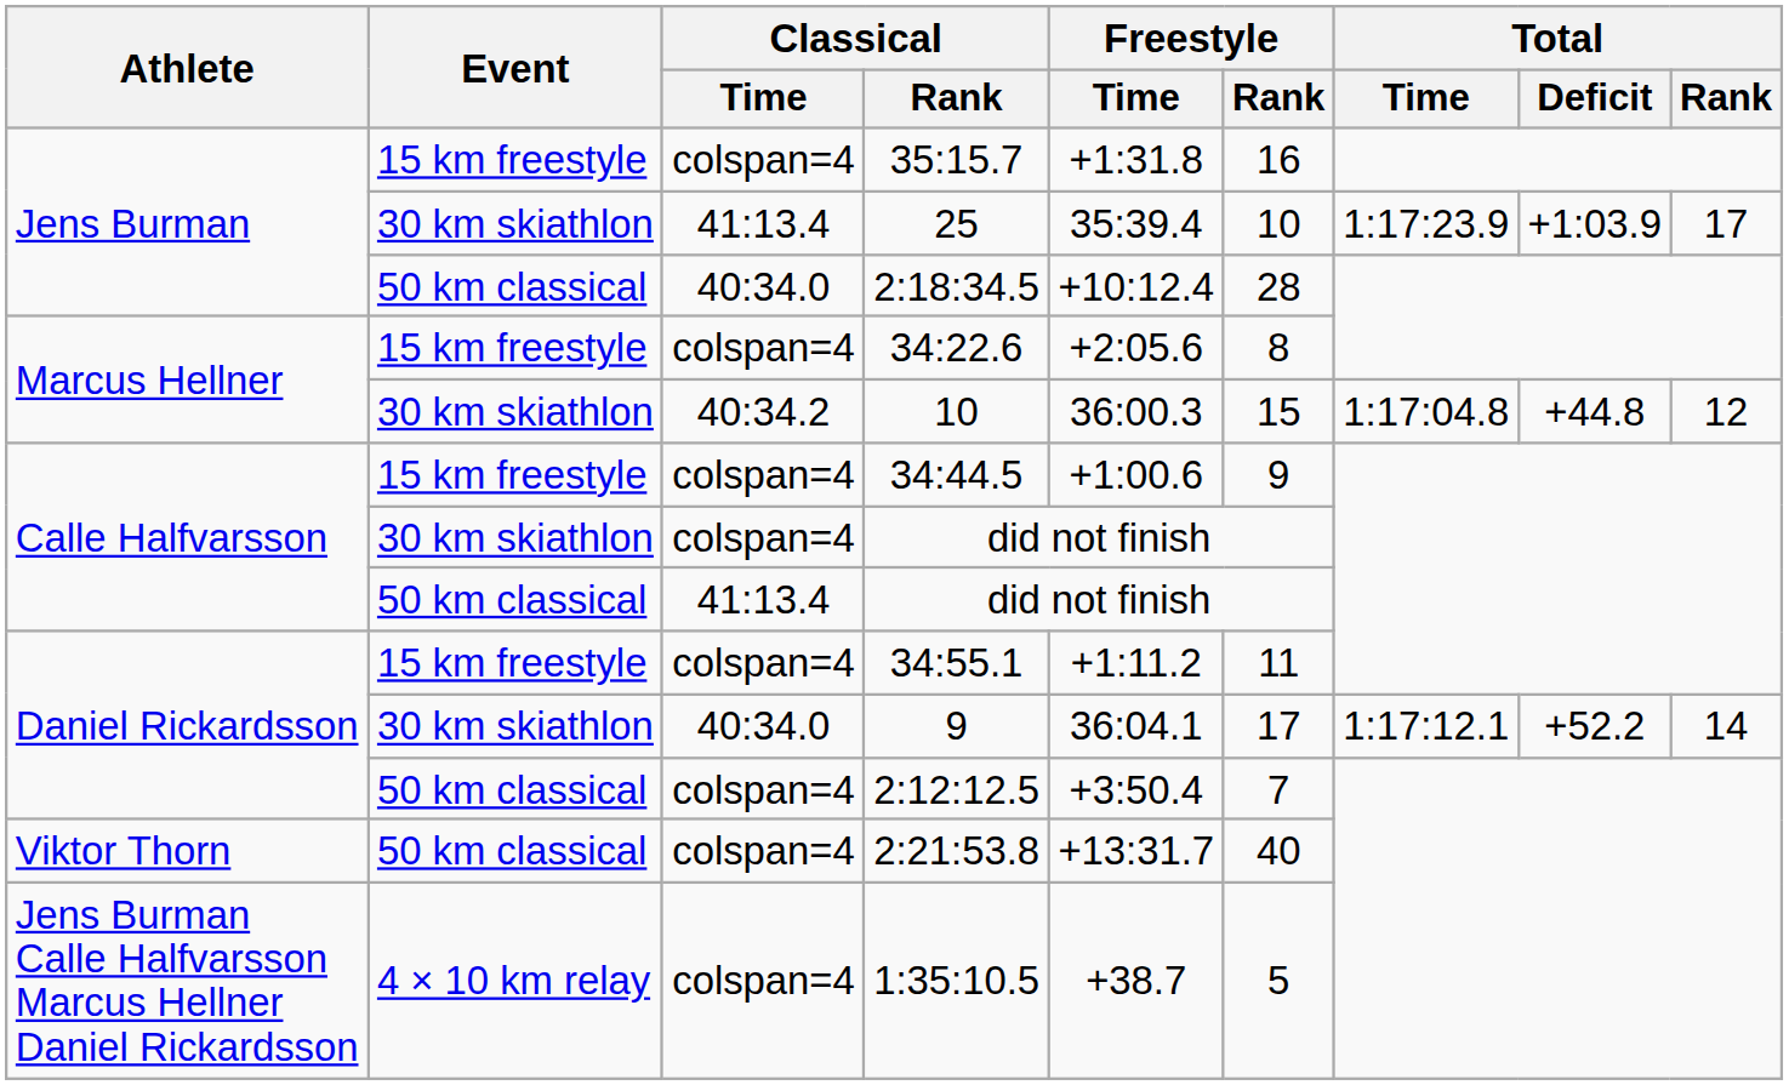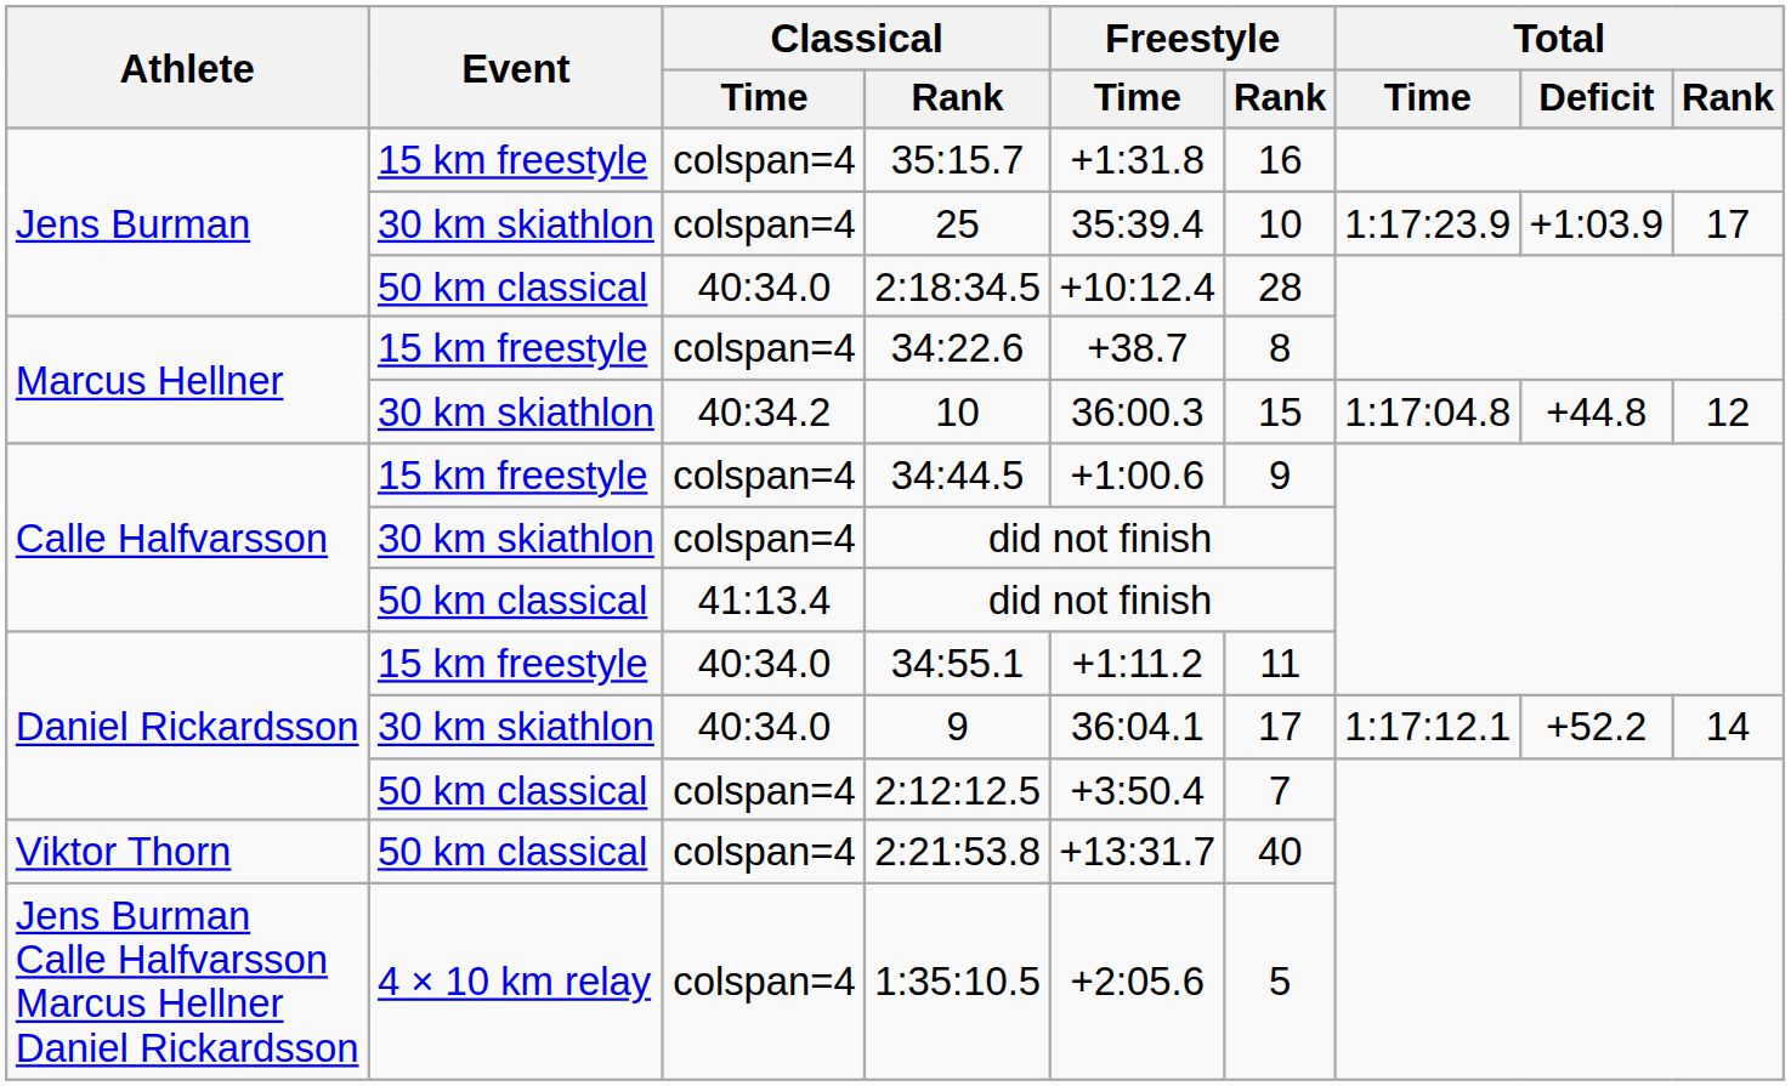 <table class="wikitable" style="font-size:90%">
 <tr>
 <th rowspan=2>Athlete</th>
 <th rowspan=2>Event</th>
 <th colspan=2>Classical</th>
 <th colspan=2>Freestyle</th>
 <th colspan=3>Total</th>
 </tr>
 <tr style="font-size:95%">
 <th>Time</th>
 <th>Rank</th>
 <th>Time</th>
 <th>Rank</th>
 <th>Time</th>
 <th>Deficit</th>
 <th>Rank</th>
 </tr>
 <tr align=center>
 <td align=left rowspan=3><a href='#'>Jens Burman</a></td>
 <td align=left><a href='#'>15 km freestyle</a></td>
 <td>colspan=4 </td>
 <td>35:15.7</td>
 <td>+1:31.8</td>
 <td>16</td>
 </tr>
 <tr align=center>
 <td align=left><a href='#'>30 km skiathlon</a></td>
-<td>41:13.4</td>
+<td>colspan=4 </td>
 <td>25</td>
 <td>35:39.4</td>
 <td>10</td>
 <td>1:17:23.9</td>
 <td>+1:03.9</td>
 <td>17</td>
 </tr>
 <tr align=center>
 <td align=left><a href='#'>50 km classical</a></td>
 <td>40:34.0</td>
 <td>2:18:34.5</td>
 <td>+10:12.4</td>
 <td>28</td>
 </tr>
 <tr align=center>
 <td align=left rowspan=2><a href='#'>Marcus Hellner</a></td>
 <td align=left><a href='#'>15 km freestyle</a></td>
 <td>colspan=4 </td>
 <td>34:22.6</td>
-<td>+2:05.6</td>
+<td>+38.7</td>
 <td>8</td>
 </tr>
 <tr align=center>
 <td align=left><a href='#'>30 km skiathlon</a></td>
 <td>40:34.2</td>
 <td>10</td>
 <td>36:00.3</td>
 <td>15</td>
 <td>1:17:04.8</td>
 <td>+44.8</td>
 <td>12</td>
 </tr>
 <tr align=center>
 <td align=left rowspan=3><a href='#'>Calle Halfvarsson</a></td>
 <td align=left><a href='#'>15 km freestyle</a></td>
 <td>colspan=4 </td>
 <td>34:44.5</td>
 <td>+1:00.6</td>
 <td>9</td>
 </tr>
 <tr align=center>
 <td align=left><a href='#'>30 km skiathlon</a></td>
 <td>colspan=4 </td>
 <td colspan=3>did not finish</td>
 </tr>
 <tr align=center>
 <td align=left><a href='#'>50 km classical</a></td>
 <td>41:13.4</td>
 <td colspan=3>did not finish</td>
 </tr>
 <tr align=center>
 <td align=left rowspan=3><a href='#'>Daniel Rickardsson</a></td>
 <td align=left><a href='#'>15 km freestyle</a></td>
-<td>colspan=4 </td>
+<td>40:34.0</td>
 <td>34:55.1</td>
 <td>+1:11.2</td>
 <td>11</td>
 </tr>
 <tr align=center>
 <td align=left><a href='#'>30 km skiathlon</a></td>
 <td>40:34.0</td>
 <td>9</td>
 <td>36:04.1</td>
 <td>17</td>
 <td>1:17:12.1</td>
 <td>+52.2</td>
 <td>14</td>
 </tr>
 <tr align=center>
 <td align=left><a href='#'>50 km classical</a></td>
 <td>colspan=4 </td>
 <td>2:12:12.5</td>
 <td>+3:50.4</td>
 <td>7</td>
 </tr>
 <tr align=center>
 <td align=left><a href='#'>Viktor Thorn</a></td>
 <td align=left><a href='#'>50 km classical</a></td>
 <td>colspan=4 </td>
 <td>2:21:53.8</td>
 <td>+13:31.7</td>
 <td>40</td>
 </tr>
 <tr align=center>
 <td align=left><a href='#'>Jens Burman</a><br><a href='#'>Calle Halfvarsson</a><br><a href='#'>Marcus Hellner</a><br><a href='#'>Daniel Rickardsson</a></td>
 <td align=left><a href='#'>4 × 10 km relay</a></td>
 <td>colspan=4 </td>
 <td>1:35:10.5</td>
-<td>+38.7</td>
+<td>+2:05.6</td>
 <td>5</td>
 </tr>
 </table>
